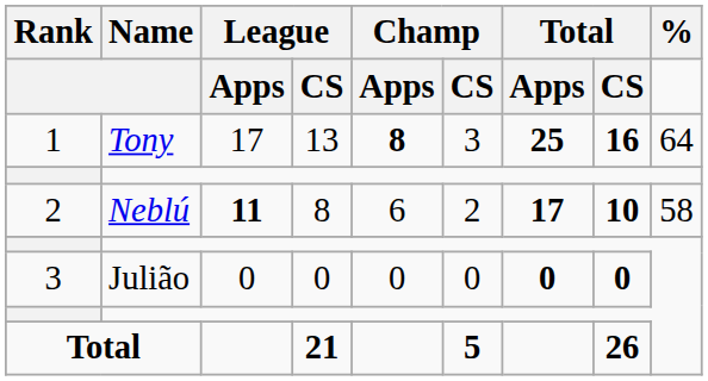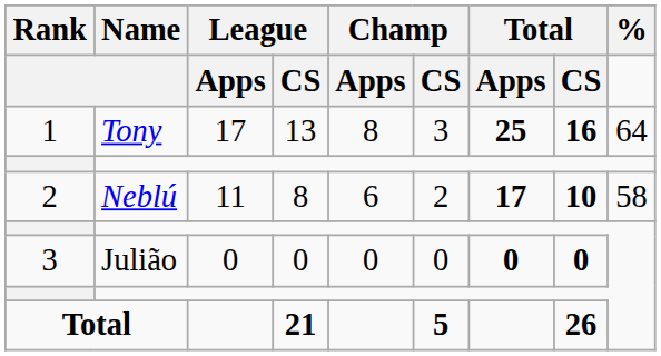 <table class="wikitable" style="text-align:center">
 <tr>
 <th>Rank</th>
 <th>Name</th>
 <th colspan=2>League</th>
 <th colspan=2>Champ</th>
 <th colspan=2>Total</th>
 <th>%</th>
 </tr>
 <tr>
 <th colspan=2></th>
 <th>Apps</th>
 <th>CS</th>
 <th>Apps</th>
 <th>CS</th>
 <th>Apps</th>
 <th>CS</th>
 </tr>
 <tr>
 <td>1</td>
 <td align="left"> <em><a href='#'>Tony</a></em></td>
 <td>17</td>
 <td>13</td>
-<td><strong>8</strong></td>
+<td>8</td>
 <td>3</td>
 <td><strong>25</strong></td>
 <td><strong>16</strong></td>
 <td>64</td>
 </tr>
 <tr>
 <th></th>
 </tr>
 <tr>
 <td>2</td>
 <td align="left"> <em><a href='#'>Neblú</a></em></td>
-<td><strong>11</strong></td>
+<td>11</td>
 <td>8</td>
 <td>6</td>
 <td>2</td>
 <td><strong>17</strong></td>
 <td><strong>10</strong></td>
 <td>58</td>
 </tr>
 <tr>
 <th></th>
 </tr>
 <tr>
 <td>3</td>
 <td align="left"> Julião</td>
 <td>0</td>
 <td>0</td>
 <td>0</td>
 <td>0</td>
 <td><strong>0</strong></td>
 <td><strong>0</strong></td>
 </tr>
 <tr>
 <th></th>
 </tr>
 <tr>
 <td colspan=2><strong>Total</strong></td>
 <td></td>
 <td><strong>21</strong></td>
 <td></td>
 <td><strong>5</strong></td>
 <td></td>
 <td><strong>26</strong></td>
 </tr>
 </table>
